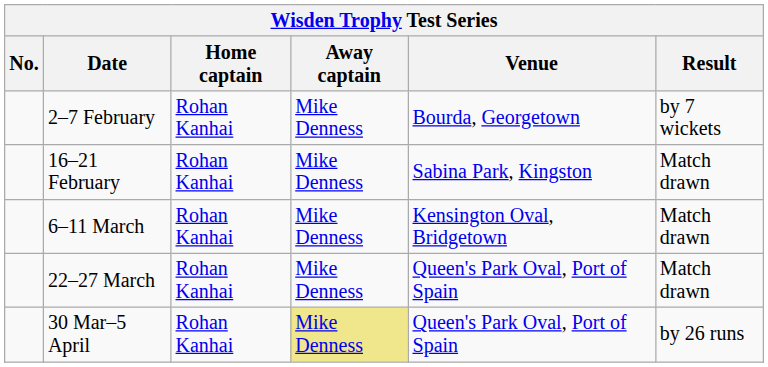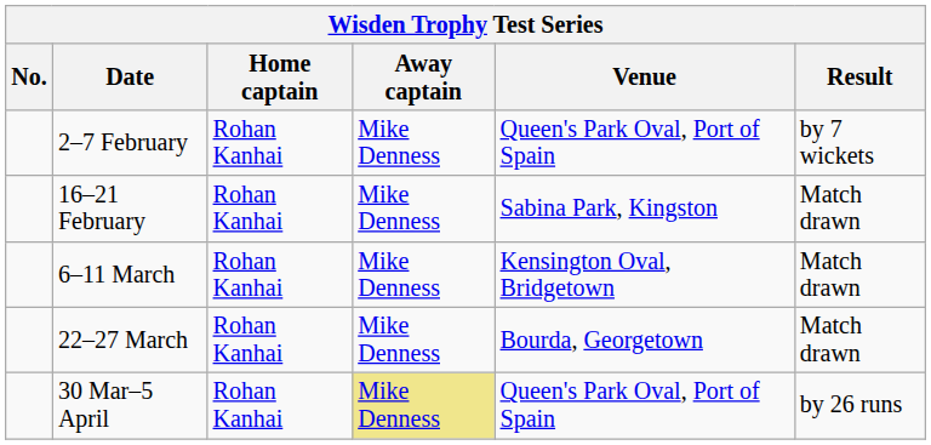 <table class="wikitable">
 <tr>
 <th colspan="9"><a href='#'>Wisden Trophy</a> Test Series</th>
 </tr>
 <tr>
 <th>No.</th>
 <th>Date</th>
 <th>Home captain</th>
 <th>Away captain</th>
 <th>Venue</th>
 <th>Result</th>
 </tr>
 <tr>
 <td></td>
 <td>2–7 February</td>
 <td><a href='#'>Rohan Kanhai</a></td>
 <td><a href='#'>Mike Denness</a></td>
-<td><a href='#'>Bourda</a>, <a href='#'>Georgetown</a></td>
+<td><a href='#'>Queen's Park Oval</a>, <a href='#'>Port of Spain</a></td>
 <td> by 7 wickets</td>
 </tr>
 <tr>
 <td></td>
 <td>16–21 February</td>
 <td><a href='#'>Rohan Kanhai</a></td>
 <td><a href='#'>Mike Denness</a></td>
 <td><a href='#'>Sabina Park</a>, <a href='#'>Kingston</a></td>
 <td>Match drawn</td>
 </tr>
 <tr>
 <td></td>
 <td>6–11 March</td>
 <td><a href='#'>Rohan Kanhai</a></td>
 <td><a href='#'>Mike Denness</a></td>
 <td><a href='#'>Kensington Oval</a>, <a href='#'>Bridgetown</a></td>
 <td>Match drawn</td>
 </tr>
 <tr>
 <td></td>
 <td>22–27 March</td>
 <td><a href='#'>Rohan Kanhai</a></td>
 <td><a href='#'>Mike Denness</a></td>
-<td><a href='#'>Queen's Park Oval</a>, <a href='#'>Port of Spain</a></td>
+<td><a href='#'>Bourda</a>, <a href='#'>Georgetown</a></td>
 <td>Match drawn</td>
 </tr>
 <tr>
 <td></td>
 <td>30 Mar–5 April</td>
 <td><a href='#'>Rohan Kanhai</a></td>
 <td style="background: khaki;"><a href='#'>Mike Denness</a></td>
 <td><a href='#'>Queen's Park Oval</a>, <a href='#'>Port of Spain</a></td>
 <td> by 26 runs</td>
 </tr>
 </table>
